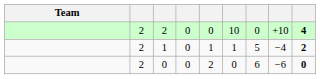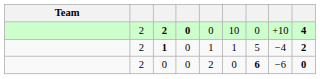 <table class="wikitable" style="text-align: center; font-size: 90%;">
 <tr>
 <th width=165>Team</th>
 <th width=25></th>
 <th width=25></th>
 <th width=25></th>
 <th width=25></th>
 <th width=25></th>
 <th width=25></th>
 <th width=25></th>
 <th width=25></th>
 </tr>
 <tr style="background:#cfc;">
 <td align=left></td>
 <td>2</td>
-<td>2</td>
-<td>0</td>
+<td><strong>2</strong></td>
+<td><strong>0</strong></td>
 <td>0</td>
 <td>10</td>
 <td>0</td>
 <td>+10</td>
 <td><strong>4</strong></td>
 </tr>
 <tr>
 <td align=left></td>
 <td>2</td>
-<td>1</td>
+<td><strong>1</strong></td>
 <td>0</td>
 <td>1</td>
 <td>1</td>
 <td>5</td>
 <td>−4</td>
 <td><strong>2</strong></td>
 </tr>
 <tr>
 <td align=left></td>
 <td>2</td>
 <td>0</td>
 <td>0</td>
 <td>2</td>
 <td>0</td>
-<td>6</td>
+<td><strong>6</strong></td>
 <td>−6</td>
 <td><strong>0</strong></td>
 </tr>
 </table>
